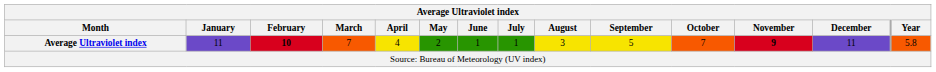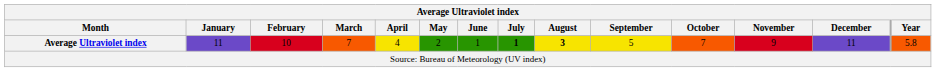 <table style="width:90%;text-align:center;font-size:90%;line-height:1.2em;margin-left:auto;margin-right:auto" class="wikitable">
 <tr>
 <th Colspan=14>Average Ultraviolet index</th>
 </tr>
 <tr>
 <th>Month</th>
 <th>January</th>
 <th>February</th>
 <th>March</th>
 <th>April</th>
 <th>May</th>
 <th>June</th>
 <th>July</th>
 <th>August</th>
 <th>September</th>
 <th>October</th>
 <th>November</th>
 <th>December</th>
 <th style="border-left-width:medium">Year</th>
 </tr>
 <tr>
 <th>Average <a href='#'>Ultraviolet index</a></th>
 <td style="background:#6b49c8;color:#000000;">11</td>
-<td style="background:#d8001d;color:#000000;"><strong>10</strong></td>
+<td style="background:#d8001d;color:#000000;">10</td>
 <td style="background:#f85900;color:#000000;">7</td>
 <td style="background:#f7e400;color:#000000;">4</td>
 <td style="background:#289500;color:#000000;">2</td>
 <td style="background:#289500;color:#000000;">1</td>
-<td style="background:#289500;color:#000000;">1</td>
-<td style="background:#f7e400;color:#000000;">3</td>
+<td style="background:#289500;color:#000000;"><strong>1</strong></td>
+<td style="background:#f7e400;color:#000000;"><strong>3</strong></td>
 <td style="background:#f7e400;color:#000000;">5</td>
 <td style="background:#f85900;color:#000000;">7</td>
-<td style="background:#d8001d; color:#000;"><strong>9</strong></td>
+<td style="background:#d8001d; color:#000;">9</td>
 <td style="background:#6b49c8;color:#000000;">11</td>
 <td style="background:#f85900;color:#000000;border-left-width:medium">5.8</td>
 </tr>
 <tr>
 <th Colspan=14 style="font-weight:normal;font-size:95%;">Source: Bureau of Meteorology (UV index)</th>
 </tr>
 </table>
